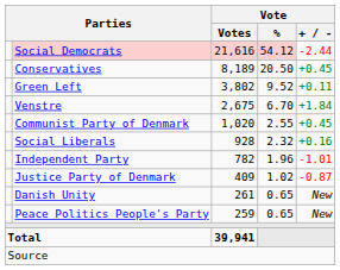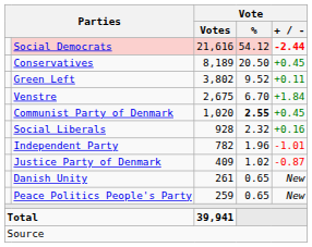 <table class="wikitable" style="text-align:right;">
 <tr>
 <th style="text-align:centre;" rowspan="2" colspan="2" width="225">Parties</th>
 <th colspan="3">Vote</th>
 </tr>
 <tr>
 <th width="15">Votes</th>
 <th width="15">%</th>
 <th width="15">+ / -</th>
 </tr>
 <tr>
 <td width="2" style="color:inherit;background:"></td>
 <td bgcolor=#fbd0ce  align="left"><a href='#'>Social Democrats</a></td>
 <td bgcolor=#fbd0ce>21,616</td>
 <td bgcolor=#fbd0ce>54.12</td>
-<td style=color:red;>-2.44</td>
+<td style=color:red;><strong>-2.44</strong></td>
 </tr>
 <tr>
 <td width="2" style="color:inherit;background:"></td>
 <td align="left"><a href='#'>Conservatives</a></td>
 <td>8,189</td>
 <td>20.50</td>
 <td style=color:green;>+0.45</td>
 </tr>
 <tr>
 <td width="2" style="color:inherit;background:"></td>
 <td align="left"><a href='#'>Green Left</a></td>
 <td>3,802</td>
 <td>9.52</td>
 <td style=color:green;>+0.11</td>
 </tr>
 <tr>
 <td width="2" style="color:inherit;background:"></td>
 <td align="left"><a href='#'>Venstre</a></td>
 <td>2,675</td>
 <td>6.70</td>
 <td style=color:green;>+1.84</td>
 </tr>
 <tr>
 <td width="2" style="color:inherit;background:"></td>
 <td align="left"><a href='#'>Communist Party of Denmark</a></td>
 <td>1,020</td>
-<td>2.55</td>
+<td><strong>2.55</strong></td>
 <td style=color:green;>+0.45</td>
 </tr>
 <tr>
 <td width="2" style="color:inherit;background:"></td>
 <td align="left"><a href='#'>Social Liberals</a></td>
 <td>928</td>
 <td>2.32</td>
 <td style=color:green;>+0.16</td>
 </tr>
 <tr>
 <td width="2" style="color:inherit;background:"></td>
 <td align="left"><a href='#'>Independent Party</a></td>
 <td>782</td>
 <td>1.96</td>
 <td style=color:red;>-1.01</td>
 </tr>
 <tr>
 <td width="2" style="color:inherit;background:"></td>
 <td align="left"><a href='#'>Justice Party of Denmark</a></td>
 <td>409</td>
 <td>1.02</td>
 <td style=color:red;>-0.87</td>
 </tr>
 <tr>
 <td width="2" style="color:inherit;background:"></td>
 <td align="left"><a href='#'>Danish Unity</a></td>
 <td>261</td>
 <td>0.65</td>
 <td><em>New</em></td>
 </tr>
 <tr>
 <td width="2" style="color:inherit;background:"></td>
 <td align="left"><a href='#'>Peace Politics People's Party</a></td>
 <td>259</td>
 <td>0.65</td>
 <td><em>New</em></td>
 </tr>
 <tr>
 <td colspan="7" bgcolor="#E9E9E9"></td>
 </tr>
 <tr>
 <td align="left" colspan="2"><strong>Total</strong></td>
 <td><strong>39,941</strong></td>
 <td bgcolor="#E9E9E9" colspan="2"></td>
 </tr>
 <tr>
 <td align="left" colspan="6">Source</td>
 </tr>
 </table>
